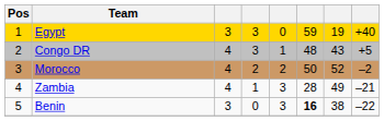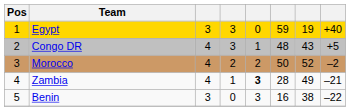 <table class="wikitable" style="text-align:center">
 <tr>
 <th width=30>Pos</th>
 <th ! width=240>Team</th>
 <th ! width=30></th>
 <th ! width=30></th>
 <th ! width=30></th>
 <th ! width=30></th>
 <th ! width=30></th>
 <th ! width=30></th>
 </tr>
 <tr bgcolor=gold>
 <td>1</td>
 <td align=left> <a href='#'>Egypt</a></td>
 <td>3</td>
 <td>3</td>
 <td>0</td>
 <td>59</td>
 <td>19</td>
 <td>+40</td>
 </tr>
 <tr bgcolor=silver>
 <td>2</td>
 <td align=left> <a href='#'>Congo DR</a></td>
 <td>4</td>
 <td>3</td>
 <td>1</td>
 <td>48</td>
 <td>43</td>
 <td>+5</td>
 </tr>
 <tr bgcolor=cc9966>
 <td>3</td>
 <td align=left> <a href='#'>Morocco</a></td>
 <td>4</td>
 <td>2</td>
 <td>2</td>
 <td>50</td>
 <td>52</td>
 <td>–2</td>
 </tr>
 <tr>
 <td>4</td>
 <td align=left> <a href='#'>Zambia</a></td>
 <td>4</td>
 <td>1</td>
-<td>3</td>
+<td><strong>3</strong></td>
 <td>28</td>
 <td>49</td>
 <td>–21</td>
 </tr>
 <tr>
 <td>5</td>
 <td align=left> <a href='#'>Benin</a></td>
 <td>3</td>
 <td>0</td>
 <td>3</td>
-<td><strong>16</strong></td>
+<td>16</td>
 <td>38</td>
 <td>–22</td>
 </tr>
 <tr>
 </tr>
 </table>
